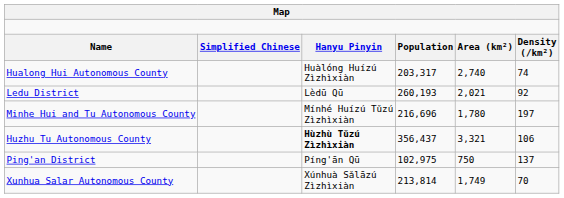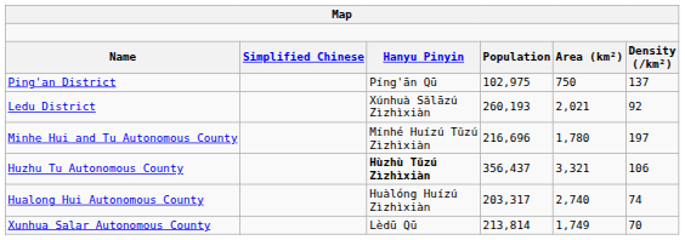 <table class="wikitable"  style="font-size:100%;" align=center>
 <tr>
 <th colspan=6>Map</th>
 </tr>
 <tr>
 <td colspan=6><div><br>         </div></td>
 </tr>
 <tr>
 <th>Name</th>
 <th><a href='#'>Simplified Chinese</a></th>
 <th><a href='#'>Hanyu Pinyin</a></th>
 <th>Population<br></th>
 <th>Area (km²)</th>
 <th>Density<br>(/km²)</th>
 </tr>
 <tr --------->
-<td><a href='#'>Hualong Hui Autonomous County</a></td>
+<td><a href='#'>Ping'an District</a></td>
 <td></td>
-<td>Huàlóng Huízú<br>Zìzhìxiàn</td>
-<td>203,317</td>
-<td>2,740</td>
-<td>74</td>
+<td>Píng'ān Qū</td>
+<td>102,975</td>
+<td>750</td>
+<td>137</td>
 </tr>
 <tr --------->
 <td><a href='#'>Ledu District</a></td>
 <td></td>
-<td>Lèdū Qū</td>
+<td>Xúnhuà Sǎlāzú<br>Zìzhìxiàn</td>
 <td>260,193</td>
 <td>2,021</td>
 <td>92</td>
 </tr>
 <tr --------->
 <td><a href='#'>Minhe Hui and Tu Autonomous County</a></td>
 <td></td>
 <td>Mínhé Huízú Tǔzú<br>Zìzhìxiàn</td>
 <td>216,696</td>
 <td>1,780</td>
 <td>197</td>
 </tr>
 <tr --------->
 <td><a href='#'>Huzhu Tu Autonomous County</a></td>
 <td></td>
 <td><strong>Hùzhù Tǔzú<br>Zìzhìxiàn</strong></td>
 <td>356,437</td>
 <td>3,321</td>
 <td>106</td>
 </tr>
 <tr --------->
-<td><a href='#'>Ping'an District</a></td>
+<td><a href='#'>Hualong Hui Autonomous County</a></td>
 <td></td>
-<td>Píng'ān Qū</td>
-<td>102,975</td>
-<td>750</td>
-<td>137</td>
+<td>Huàlóng Huízú<br>Zìzhìxiàn</td>
+<td>203,317</td>
+<td>2,740</td>
+<td>74</td>
 </tr>
 <tr --------->
 <td><a href='#'>Xunhua Salar Autonomous County</a></td>
 <td></td>
-<td>Xúnhuà Sǎlāzú<br>Zìzhìxiàn</td>
+<td>Lèdū Qū</td>
 <td>213,814</td>
 <td>1,749</td>
 <td>70</td>
 </tr>
 </table>
